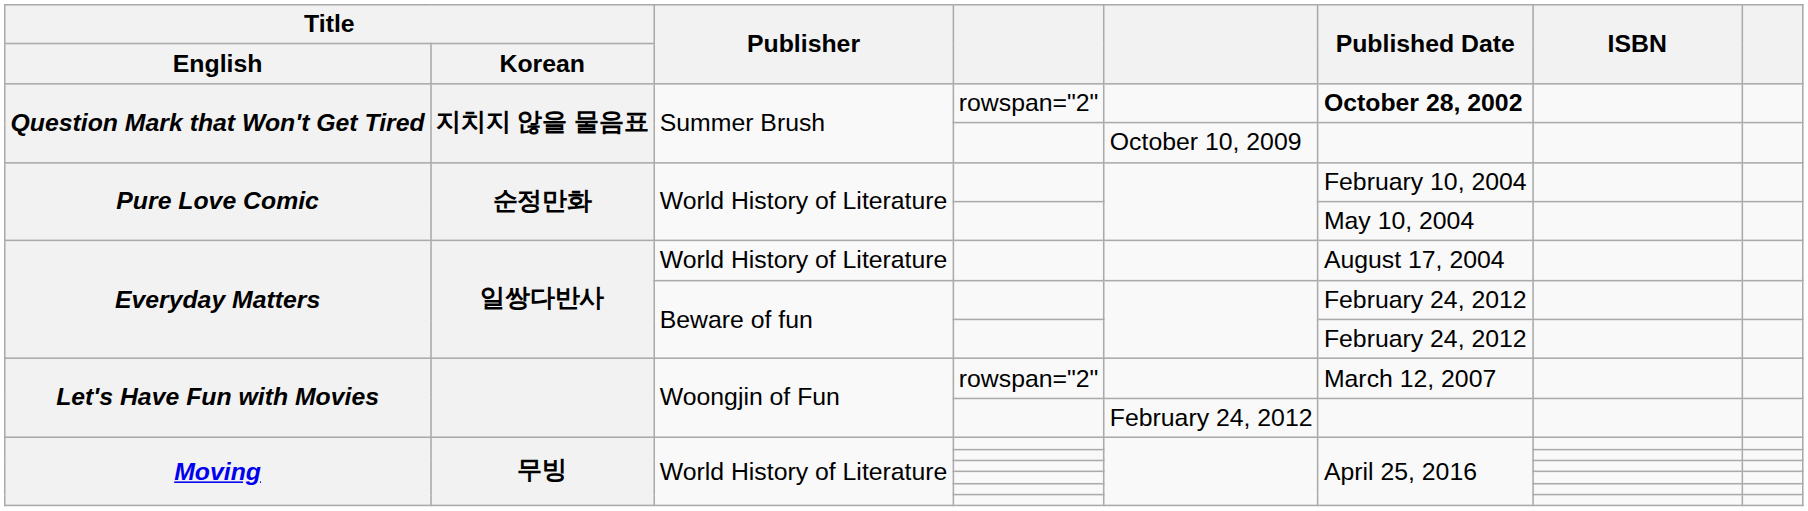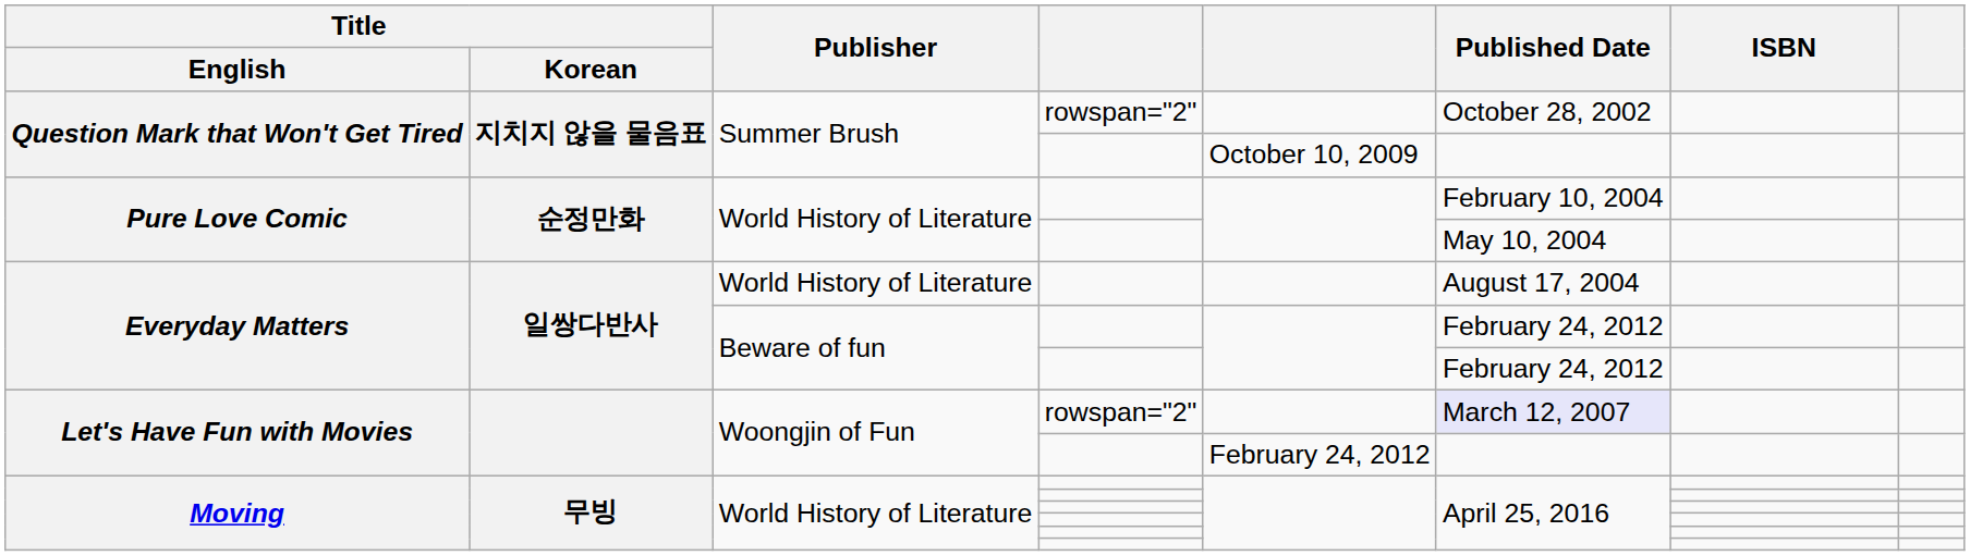 <table class="wikitable plainrowheaders sortable" style="text-align:left; font-size:100%; padding:0 auto">
 <tr>
 <th scope="col" colspan="2">Title</th>
 <th scope="col" rowspan="2">Publisher</th>
 <th scope="col" rowspan="2"></th>
 <th scope="col" rowspan="2"></th>
 <th scope="col" rowspan="2">Published Date</th>
 <th scope="col" rowspan="2" Style=width:8em>ISBN</th>
 <th scope="col" rowspan="2" Style=width:2em class="unsortable"></th>
 </tr>
 <tr>
 <th>English</th>
 <th>Korean</th>
 </tr>
 <tr>
 <th scope="row" rowspan="2"><em>Question Mark that Won't Get Tired</em></th>
 <th scope="row" rowspan="2">지치지 않을 물음표</th>
 <td rowspan="2">Summer Brush</td>
 <td>rowspan="2" </td>
 <td></td>
-<td><strong>October 28, 2002</strong></td>
+<td>October 28, 2002</td>
 <td></td>
 <td></td>
 </tr>
 <tr>
 <td></td>
 <td>October 10, 2009</td>
 <td></td>
 <td></td>
 </tr>
 <tr>
 <th scope="row" rowspan="2"><em>Pure Love Comic</em></th>
 <th scope="row" rowspan="2">순정만화</th>
 <td rowspan="2">World History of Literature</td>
 <td></td>
 <td rowspan="2"></td>
 <td>February 10, 2004</td>
 <td></td>
 <td></td>
 </tr>
 <tr>
 <td></td>
 <td>May 10, 2004</td>
 <td></td>
 <td></td>
 </tr>
 <tr>
 <th scope="row" rowspan="3"><em>Everyday Matters</em></th>
 <th scope="row" rowspan="3">일쌍다반사</th>
 <td>World History of Literature</td>
 <td></td>
 <td></td>
 <td>August 17, 2004</td>
 <td></td>
 <td></td>
 </tr>
 <tr>
 <td rowspan="2">Beware of fun</td>
 <td></td>
 <td rowspan="2"></td>
 <td>February 24, 2012</td>
 <td></td>
 <td></td>
 </tr>
 <tr>
 <td></td>
 <td>February 24, 2012</td>
 <td></td>
 <td></td>
 </tr>
 <tr>
 <th scope="row" rowspan="2"><em>Let's Have Fun with Movies</em></th>
 <th scope="row" rowspan="2"></th>
 <td rowspan="2">Woongjin of Fun</td>
 <td>rowspan="2" </td>
 <td></td>
-<td>March 12, 2007</td>
+<td style="background: lavender;">March 12, 2007</td>
 <td></td>
 <td></td>
 </tr>
 <tr>
 <td></td>
 <td>February 24, 2012</td>
 <td></td>
 <td></td>
 </tr>
 <tr>
 <th scope="row" rowspan="6"><em><a href='#'>Moving</a></em></th>
 <th scope="row" rowspan="6">무빙</th>
 <td rowspan="8">World History of Literature</td>
 <td></td>
 <td rowspan="6"></td>
 <td rowspan="6">April 25, 2016</td>
 <td></td>
 <td></td>
 </tr>
 <tr>
 <td></td>
 <td></td>
 <td></td>
 </tr>
 <tr>
 <td></td>
 <td></td>
 <td></td>
 </tr>
 <tr>
 <td></td>
 <td></td>
 <td></td>
 </tr>
 <tr>
 <td></td>
 <td></td>
 <td></td>
 </tr>
 <tr>
 <td></td>
 <td></td>
 <td></td>
 </tr>
 </table>
